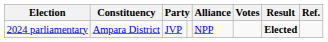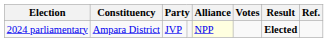 <table class="wikitable" style="text-align:left;">
 <tr>
 <th scope=col>Election</th>
 <th scope=col>Constituency</th>
 <th scope=col colspan="2">Party</th>
 <th scope=col>Alliance</th>
 <th scope=col>Votes</th>
 <th scope=col>Result</th>
 <th scope=col>Ref.</th>
 </tr>
 <tr>
 <td><a href='#'>2024 parliamentary</a></td>
 <td><a href='#'>Ampara District</a></td>
 <td><a href='#'>JVP</a></td>
 <td rowspan="8" style="background:"></td>
-<td><a href='#'>NPP</a></td>
+<td style="background: lightyellow;"><a href='#'>NPP</a></td>
 <td align=right></td>
 <td><strong>Elected</strong></td>
 <td></td>
 </tr>
 </table>
